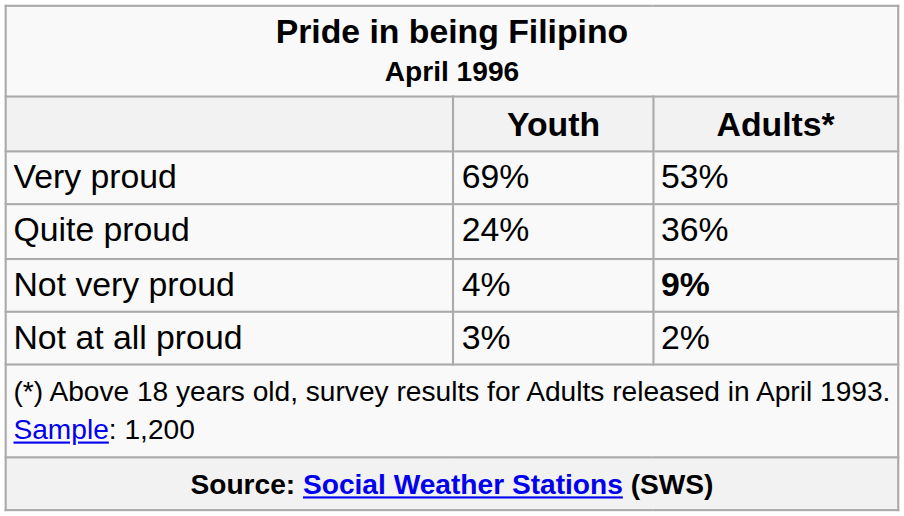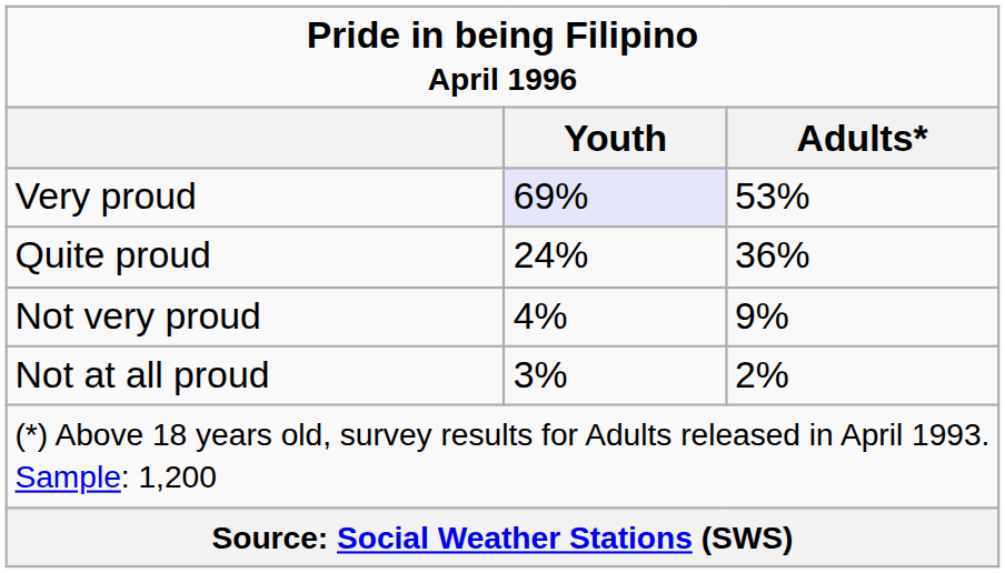 <table class=wikitable align=right>
 <tr>
 <td colspan=3 align=center><strong>Pride in being Filipino <br> <small> April 1996 </small></strong></td>
 </tr>
 <tr>
 <th></th>
 <th>Youth</th>
 <th>Adults*</th>
 </tr>
 <tr>
 <td>Very proud</td>
-<td>69%</td>
+<td style="background: lavender;">69%</td>
 <td>53%</td>
 </tr>
 <tr>
 <td>Quite proud</td>
 <td>24%</td>
 <td>36%</td>
 </tr>
 <tr>
 <td>Not very proud</td>
 <td>4%</td>
-<td><strong>9%</strong></td>
+<td>9%</td>
 </tr>
 <tr>
 <td>Not at all proud</td>
 <td>3%</td>
 <td>2%</td>
 </tr>
 <tr>
 <td colspan=3><small>(*) Above 18 years old, survey results for Adults released in April 1993.<br> <a href='#'>Sample</a>: 1,200</small></td>
 </tr>
 <tr>
 <th colspan=3><small>Source: <a href='#'>Social Weather Stations</a> (SWS)</small></th>
 </tr>
 </table>
